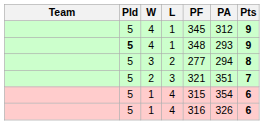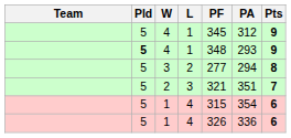 <table class="wikitable" style="text-align:center;">
 <tr>
 <th width=170>Team</th>
 <th width=25>Pld</th>
 <th width=25>W</th>
 <th width=25>L</th>
 <th width=35>PF</th>
 <th width=35>PA</th>
 <th width=25>Pts</th>
 </tr>
 <tr bgcolor=#ccffcc>
 <td align="left"></td>
 <td>5</td>
 <td>4</td>
 <td>1</td>
 <td>345</td>
 <td>312</td>
 <td><strong>9</strong></td>
 </tr>
 <tr bgcolor=#ccffcc>
 <td align="left"></td>
 <td><strong>5</strong></td>
 <td>4</td>
 <td>1</td>
 <td>348</td>
 <td>293</td>
 <td><strong>9</strong></td>
 </tr>
 <tr bgcolor=#ccffcc>
 <td align="left"></td>
 <td>5</td>
 <td>3</td>
 <td>2</td>
 <td>277</td>
 <td>294</td>
 <td><strong>8</strong></td>
 </tr>
 <tr bgcolor=#ccffcc>
 <td align="left"></td>
 <td>5</td>
 <td>2</td>
 <td>3</td>
 <td>321</td>
 <td>351</td>
 <td><strong>7</strong></td>
 </tr>
 <tr bgcolor=#ffcccc>
 <td align="left"></td>
 <td>5</td>
 <td>1</td>
 <td>4</td>
 <td>315</td>
 <td>354</td>
 <td><strong>6</strong></td>
 </tr>
 <tr bgcolor=#ffcccc>
 <td align="left"></td>
 <td>5</td>
 <td>1</td>
 <td>4</td>
-<td>316</td>
 <td>326</td>
+<td>336</td>
 <td><strong>6</strong></td>
 </tr>
 </table>
